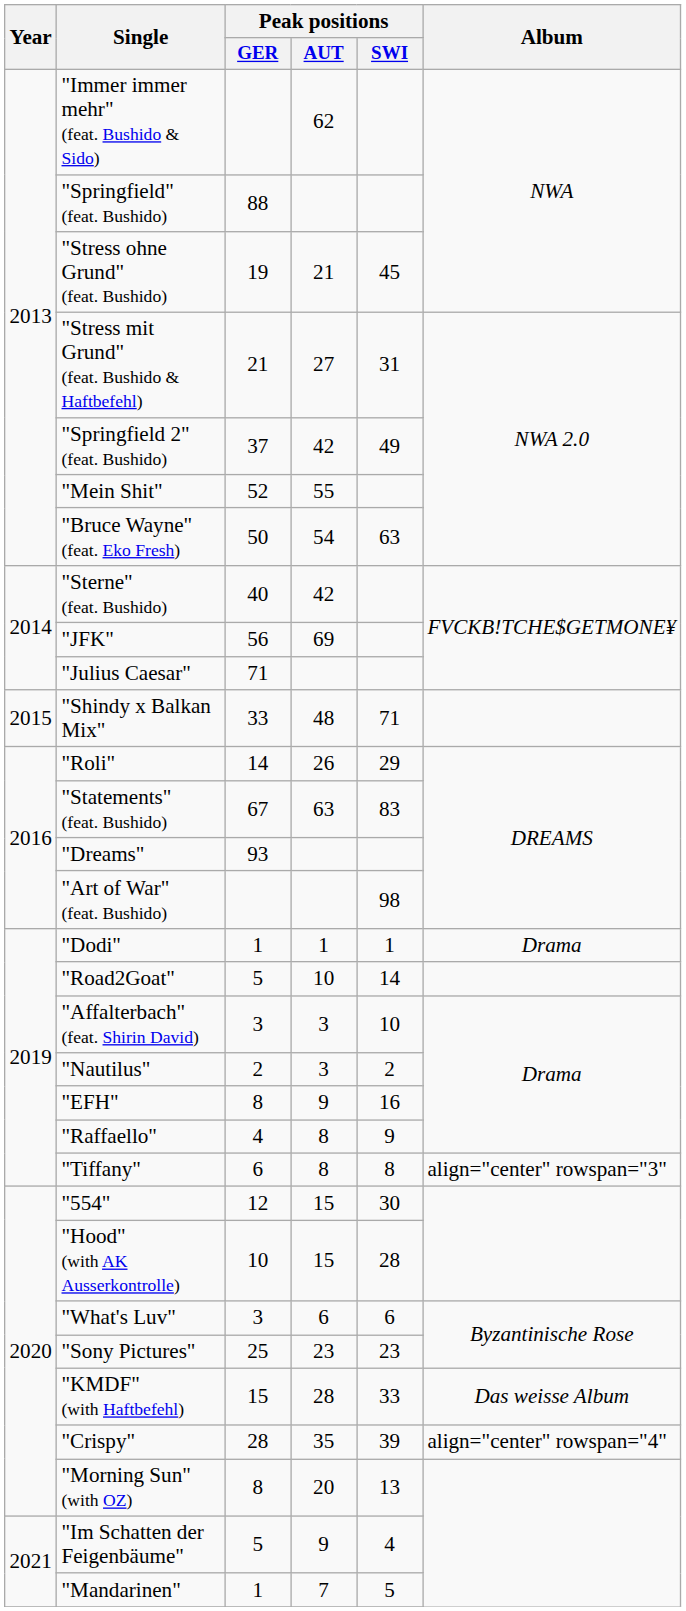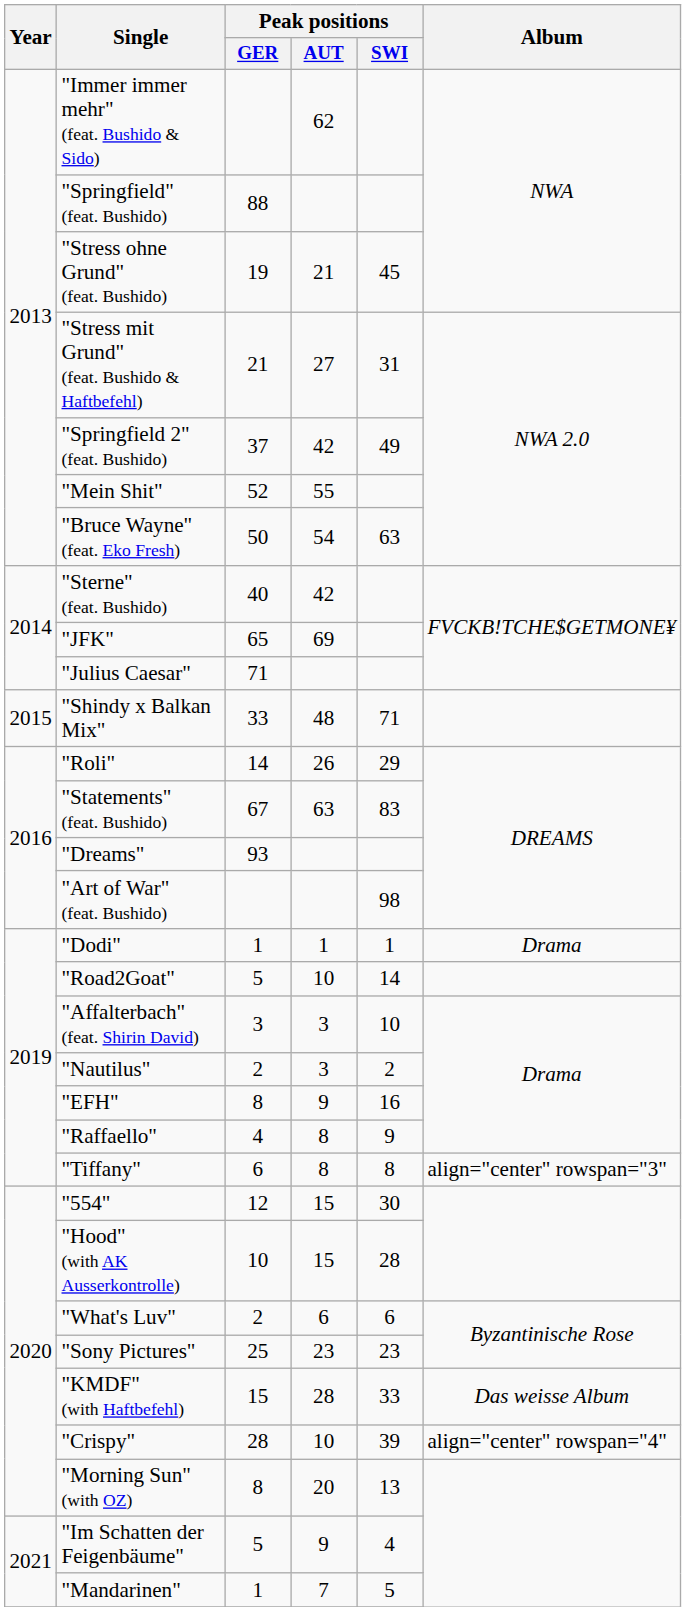 <table class="wikitable">
 <tr>
 <th align="center" rowspan="2" width="10">Year</th>
 <th align="center" rowspan="2" width="120">Single</th>
 <th align="center" colspan="3" width="30">Peak positions</th>
 <th align="center" rowspan="2" width="120">Album</th>
 </tr>
 <tr>
 <th scope="col" style="width:3em;font-size:90%;"><a href='#'>GER</a><br></th>
 <th scope="col" style="width:3em;font-size:90%;"><a href='#'>AUT</a><br></th>
 <th scope="col" style="width:3em;font-size:90%;"><a href='#'>SWI</a><br></th>
 </tr>
 <tr>
 <td align="center" rowspan="7">2013</td>
 <td>"Immer immer mehr" <br><small>(feat. <a href='#'>Bushido</a> & <a href='#'>Sido</a>)</small></td>
 <td align="center"></td>
 <td align="center">62</td>
 <td align="center"></td>
 <td align="center" rowspan="3"><em>NWA</em></td>
 </tr>
 <tr>
 <td>"Springfield" <br><small>(feat. Bushido)</small></td>
 <td align="center">88</td>
 <td align="center"></td>
 <td align="center"></td>
 </tr>
 <tr>
 <td>"Stress ohne Grund" <br><small>(feat. Bushido)</small></td>
 <td align="center">19</td>
 <td align="center">21</td>
 <td align="center">45</td>
 </tr>
 <tr>
 <td>"Stress mit Grund" <br><small>(feat. Bushido & <a href='#'>Haftbefehl</a>)</small></td>
 <td align="center">21</td>
 <td align="center">27</td>
 <td align="center">31</td>
 <td align="center" rowspan="4"><em>NWA 2.0</em></td>
 </tr>
 <tr>
 <td>"Springfield 2" <br><small>(feat. Bushido)</small></td>
 <td align="center">37</td>
 <td align="center">42</td>
 <td align="center">49</td>
 </tr>
 <tr>
 <td>"Mein Shit"</td>
 <td align="center">52</td>
 <td align="center">55</td>
 <td align="center"></td>
 </tr>
 <tr>
 <td>"Bruce Wayne" <br><small>(feat. <a href='#'>Eko Fresh</a>)</small></td>
 <td align="center">50</td>
 <td align="center">54</td>
 <td align="center">63</td>
 </tr>
 <tr>
 <td align="center" rowspan="3">2014</td>
 <td>"Sterne" <br><small>(feat. Bushido)</small></td>
 <td align="center">40</td>
 <td align="center">42</td>
 <td align="center"></td>
 <td align="center" rowspan="3"><em>FVCKB!TCHE$GETMONE¥</em></td>
 </tr>
 <tr>
 <td>"JFK"</td>
-<td align="center">56</td>
+<td align="center">65</td>
 <td align="center">69</td>
 <td align="center"></td>
 </tr>
 <tr>
 <td>"Julius Caesar"</td>
 <td align="center">71</td>
 <td align="center"></td>
 <td align="center"></td>
 </tr>
 <tr>
 <td align="center">2015</td>
 <td>"Shindy x Balkan Mix"</td>
 <td align="center">33</td>
 <td align="center">48</td>
 <td align="center">71</td>
 <td align="center"></td>
 </tr>
 <tr>
 <td align="center" rowspan="4">2016</td>
 <td>"Roli"</td>
 <td align="center">14</td>
 <td align="center">26</td>
 <td align="center">29</td>
 <td align="center" rowspan="4"><em>DREAMS</em></td>
 </tr>
 <tr>
 <td>"Statements" <br><small>(feat. Bushido)</small></td>
 <td align="center">67</td>
 <td align="center">63</td>
 <td align="center">83</td>
 </tr>
 <tr>
 <td>"Dreams"</td>
 <td align="center">93</td>
 <td align="center"></td>
 <td align="center"></td>
 </tr>
 <tr>
 <td>"Art of War" <br><small>(feat. Bushido)</small></td>
 <td align="center"></td>
 <td align="center"></td>
 <td align="center">98</td>
 </tr>
 <tr>
 <td align="center" rowspan="7">2019</td>
 <td>"Dodi"</td>
 <td align="center">1</td>
 <td align="center">1</td>
 <td align="center">1</td>
 <td align="center"><em>Drama</em></td>
 </tr>
 <tr>
 <td>"Road2Goat"</td>
 <td align="center">5</td>
 <td align="center">10</td>
 <td align="center">14</td>
 <td></td>
 </tr>
 <tr>
 <td>"Affalterbach" <br><small>(feat. <a href='#'>Shirin David</a>)</small></td>
 <td align="center">3</td>
 <td align="center">3</td>
 <td align="center">10</td>
 <td align="center" rowspan="4"><em>Drama</em></td>
 </tr>
 <tr>
 <td>"Nautilus"</td>
 <td align="center">2</td>
 <td align="center">3</td>
 <td align="center">2</td>
 </tr>
 <tr>
 <td>"EFH"</td>
 <td align="center">8</td>
 <td align="center">9</td>
 <td align="center">16</td>
 </tr>
 <tr>
 <td>"Raffaello"</td>
 <td align="center">4</td>
 <td align="center">8</td>
 <td align="center">9</td>
 </tr>
 <tr>
 <td>"Tiffany"</td>
 <td align="center">6</td>
 <td align="center">8</td>
 <td align="center">8</td>
 <td>align="center" rowspan="3" </td>
 </tr>
 <tr>
 <td align="center" rowspan="7">2020</td>
 <td>"554"</td>
 <td align="center">12</td>
 <td align="center">15</td>
 <td align="center">30</td>
 </tr>
 <tr>
 <td>"Hood" <br><small>(with <a href='#'>AK Ausserkontrolle</a>)</small></td>
 <td align="center">10</td>
 <td align="center">15</td>
 <td align="center">28</td>
 </tr>
 <tr>
 <td>"What's Luv"</td>
-<td align="center">3</td>
+<td align="center">2</td>
 <td align="center">6</td>
 <td align="center">6</td>
 <td align="center" rowspan="2"><em>Byzantinische Rose</em></td>
 </tr>
 <tr>
 <td>"Sony Pictures"</td>
 <td align="center">25</td>
 <td align="center">23</td>
 <td align="center">23</td>
 </tr>
 <tr>
 <td>"KMDF" <br><small>(with <a href='#'>Haftbefehl</a>)</small></td>
 <td align="center">15</td>
 <td align="center">28</td>
 <td align="center">33</td>
 <td align="center"><em>Das weisse Album</em></td>
 </tr>
 <tr>
 <td>"Crispy"</td>
 <td align="center">28</td>
-<td align="center">35</td>
+<td align="center">10</td>
 <td align="center">39</td>
 <td>align="center" rowspan="4" </td>
 </tr>
 <tr>
 <td>"Morning Sun" <br><small>(with <a href='#'>OZ</a>)</small></td>
 <td align="center">8</td>
 <td align="center">20</td>
 <td align="center">13</td>
 </tr>
 <tr>
 <td align="center" rowspan="2">2021</td>
 <td>"Im Schatten der Feigenbäume"</td>
 <td align="center">5</td>
 <td align="center">9</td>
 <td align="center">4</td>
 </tr>
 <tr>
 <td>"Mandarinen"</td>
 <td align="center">1</td>
 <td align="center">7</td>
 <td align="center">5</td>
 </tr>
 <tr>
 </tr>
 </table>
